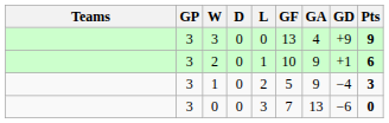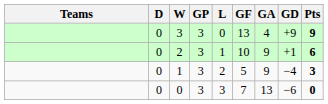 <table class="wikitable">
 <tr align=center bgcolor=#efefef>
 <th width=185>Teams</th>
+<th width=20>D</th>
+<th width=20>W</th>
 <th width=20>GP</th>
-<th width=20>W</th>
-<th width=20>D</th>
 <th width=20>L</th>
 <th width=20>GF</th>
 <th width=20>GA</th>
 <th width=20>GD</th>
 <th width=20>Pts</th>
 </tr>
 <tr align=center style="background:#ccffcc;">
 <td style="text-align:left;"></td>
+<td>0</td>
 <td>3</td>
 <td>3</td>
-<td>0</td>
 <td>0</td>
 <td>13</td>
 <td>4</td>
 <td>+9</td>
 <td><strong>9</strong></td>
 </tr>
 <tr align=center style="background:#ccffcc;">
 <td style="text-align:left;"></td>
+<td>0</td>
+<td>2</td>
 <td>3</td>
-<td>2</td>
-<td>0</td>
 <td>1</td>
 <td>10</td>
 <td>9</td>
 <td>+1</td>
 <td><strong>6</strong></td>
 </tr>
 <tr align=center>
 <td style="text-align:left;"></td>
+<td>0</td>
+<td>1</td>
 <td>3</td>
-<td>1</td>
-<td>0</td>
 <td>2</td>
 <td>5</td>
 <td>9</td>
 <td>−4</td>
 <td><strong>3</strong></td>
 </tr>
 <tr align=center>
 <td style="text-align:left;"></td>
-<td>3</td>
 <td>0</td>
 <td>0</td>
+<td>3</td>
 <td>3</td>
 <td>7</td>
 <td>13</td>
 <td>−6</td>
 <td><strong>0</strong></td>
 </tr>
 </table>
